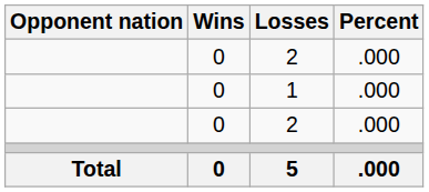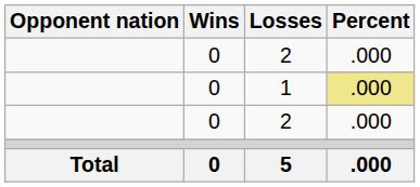 <table class=wikitable>
 <tr>
 <th>Opponent nation</th>
 <th>Wins</th>
 <th>Losses</th>
 <th>Percent</th>
 </tr>
 <tr align=center>
 <td align=left></td>
 <td>0</td>
 <td>2</td>
 <td>.000</td>
 </tr>
 <tr align=center>
 <td align=left></td>
 <td>0</td>
 <td>1</td>
-<td>.000</td>
+<td style="background: khaki;">.000</td>
 </tr>
 <tr align=center>
 <td align=left></td>
 <td>0</td>
 <td>2</td>
 <td>.000</td>
 </tr>
 <tr>
 <td colspan=4 bgcolor=lightgray></td>
 </tr>
 <tr>
 <th>Total</th>
 <th>0</th>
 <th>5</th>
 <th>.000</th>
 </tr>
 </table>
